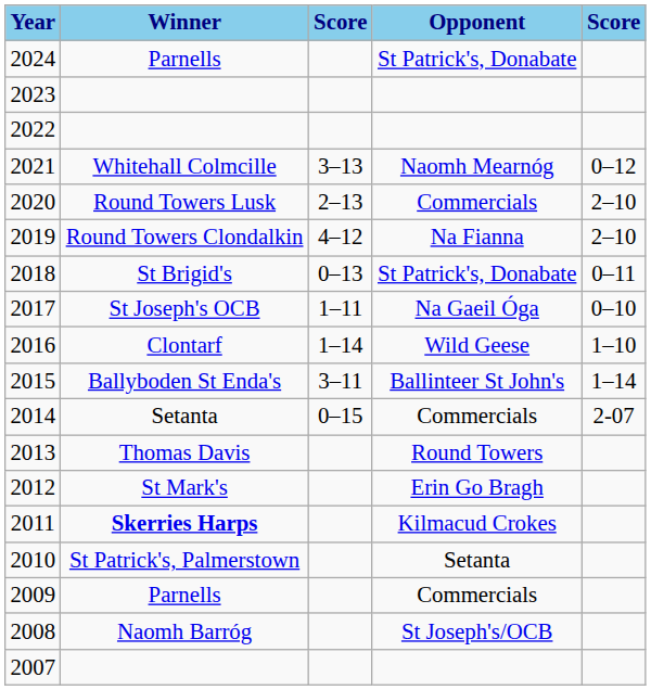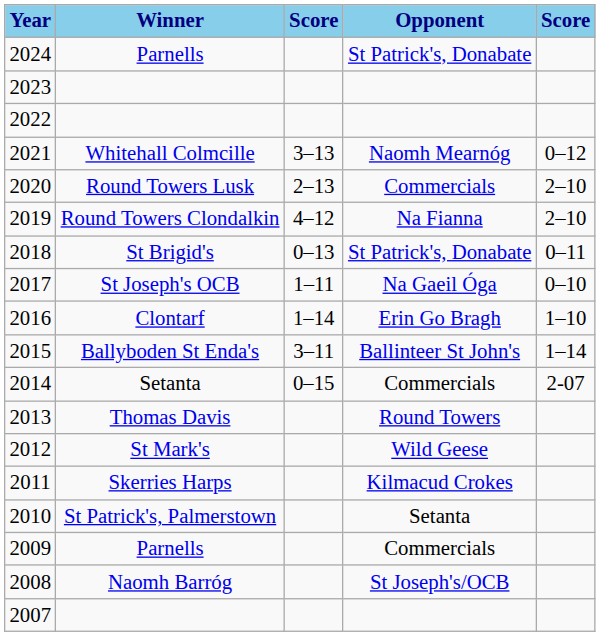 <table class="wikitable" style="text-align:center;">
 <tr>
 <th style="background:skyblue;color:navy;">Year</th>
 <th style="background:skyblue;color:navy;">Winner</th>
 <th style="background:skyblue;color:navy;">Score</th>
 <th style="background:skyblue;color:navy;">Opponent</th>
 <th style="background:skyblue;color:navy;">Score</th>
 </tr>
 <tr>
 <td>2024</td>
 <td><a href='#'>Parnells</a></td>
 <td></td>
 <td><a href='#'>St Patrick's, Donabate</a></td>
 <td></td>
 </tr>
 <tr>
 <td>2023</td>
 <td></td>
 <td></td>
 <td></td>
 <td></td>
 </tr>
 <tr>
 <td>2022</td>
 <td></td>
 <td></td>
 <td></td>
 <td></td>
 </tr>
 <tr>
 <td>2021</td>
 <td><a href='#'>Whitehall Colmcille</a></td>
 <td>3–13</td>
 <td><a href='#'>Naomh Mearnóg</a></td>
 <td>0–12</td>
 </tr>
 <tr>
 <td>2020</td>
 <td><a href='#'>Round Towers Lusk</a></td>
 <td>2–13</td>
 <td><a href='#'>Commercials</a></td>
 <td>2–10</td>
 </tr>
 <tr>
 <td>2019</td>
 <td><a href='#'>Round Towers Clondalkin</a></td>
 <td>4–12</td>
 <td><a href='#'>Na Fianna</a></td>
 <td>2–10</td>
 </tr>
 <tr>
 <td>2018</td>
 <td><a href='#'>St Brigid's</a></td>
 <td>0–13</td>
 <td><a href='#'>St Patrick's, Donabate</a></td>
 <td>0–11</td>
 </tr>
 <tr>
 <td>2017</td>
 <td><a href='#'>St Joseph's OCB</a></td>
 <td>1–11</td>
 <td><a href='#'>Na Gaeil Óga</a></td>
 <td>0–10</td>
 </tr>
 <tr>
 <td>2016</td>
 <td><a href='#'>Clontarf</a></td>
 <td>1–14</td>
-<td><a href='#'>Wild Geese</a></td>
+<td><a href='#'>Erin Go Bragh</a></td>
 <td>1–10</td>
 </tr>
 <tr>
 <td>2015</td>
 <td><a href='#'>Ballyboden St Enda's</a></td>
 <td>3–11</td>
 <td><a href='#'>Ballinteer St John's</a></td>
 <td>1–14</td>
 </tr>
 <tr>
 <td>2014</td>
 <td>Setanta</td>
 <td>0–15</td>
 <td>Commercials</td>
 <td>2-07</td>
 </tr>
 <tr>
 <td>2013</td>
 <td><a href='#'>Thomas Davis</a></td>
 <td></td>
 <td><a href='#'>Round Towers</a></td>
 <td></td>
 </tr>
 <tr>
 <td>2012</td>
 <td><a href='#'>St Mark's</a></td>
 <td></td>
-<td><a href='#'>Erin Go Bragh</a></td>
+<td><a href='#'>Wild Geese</a></td>
 <td></td>
 </tr>
 <tr>
 <td>2011</td>
-<td><strong><a href='#'>Skerries Harps</a></strong></td>
+<td><a href='#'>Skerries Harps</a></td>
 <td></td>
 <td><a href='#'>Kilmacud Crokes</a></td>
 <td></td>
 </tr>
 <tr>
 <td>2010</td>
 <td><a href='#'>St Patrick's, Palmerstown</a></td>
 <td></td>
 <td>Setanta</td>
 <td></td>
 </tr>
 <tr>
 <td>2009</td>
 <td><a href='#'>Parnells</a></td>
 <td></td>
 <td>Commercials</td>
 <td></td>
 </tr>
 <tr>
 <td>2008</td>
 <td><a href='#'>Naomh Barróg</a></td>
 <td></td>
 <td><a href='#'>St Joseph's/OCB</a></td>
 <td></td>
 </tr>
 <tr>
 <td>2007</td>
 <td></td>
 <td></td>
 <td></td>
 <td></td>
 </tr>
 </table>
